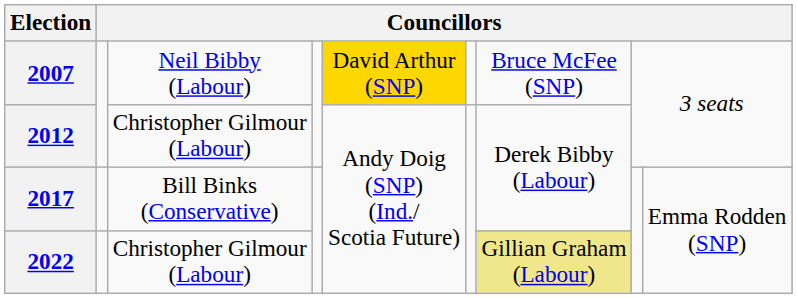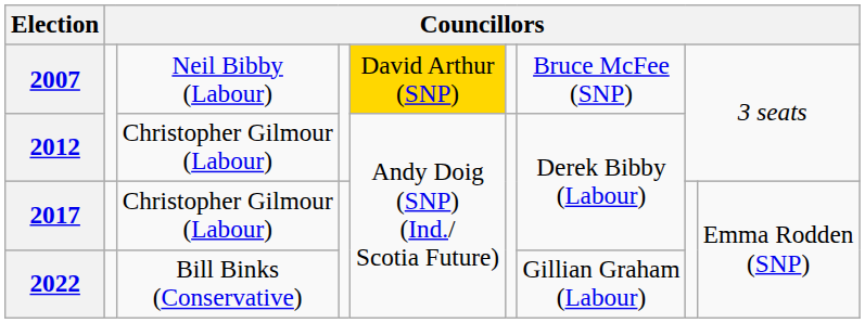 <table class="wikitable" style="text-align:center">
 <tr>
 <th>Election</th>
 <th colspan=8>Councillors</th>
 </tr>
 <tr>
 <th><a href='#'>2007</a></th>
 <td rowspan=2 style="color:inherit;background-color: "></td>
 <td rowspan=1><a href='#'>Neil Bibby</a><br>(<a href='#'>Labour</a>)</td>
 <td rowspan=2 style="color:inherit;background-color: "></td>
 <td rowspan=1 style="background: gold;">David Arthur<br>(<a href='#'>SNP</a>)</td>
 <td rowspan=1 style="color:inherit;background-color: "></td>
 <td rowspan=1><a href='#'>Bruce McFee</a><br>(<a href='#'>SNP</a>)</td>
 <td rowspan=2; colspan=2><em>3 seats</em></td>
 </tr>
 <tr>
 <th><a href='#'>2012</a></th>
 <td rowspan=1>Christopher Gilmour<br>(<a href='#'>Labour</a>)</td>
 <td rowspan=3>Andy Doig<br>(<a href='#'>SNP</a>)<br>(<a href='#'>Ind.</a>/<br>Scotia Future)</td>
 <td rowspan=3 style="color:inherit;background-color: "></td>
 <td rowspan=2>Derek Bibby<br>(<a href='#'>Labour</a>)</td>
 </tr>
 <tr>
 <th><a href='#'>2017</a></th>
 <td rowspan=1 style="color:inherit;background-color: "></td>
-<td rowspan=1>Bill Binks<br>(<a href='#'>Conservative</a>)</td>
+<td rowspan=1>Christopher Gilmour<br>(<a href='#'>Labour</a>)</td>
 <td rowspan=2 style="color:inherit;background-color: "></td>
 <td rowspan=2 style="color:inherit;background-color: "></td>
 <td rowspan=2>Emma Rodden<br>(<a href='#'>SNP</a>)</td>
 </tr>
 <tr>
 <th><a href='#'>2022</a></th>
 <td rowspan=1 style="color:inherit;background-color: "></td>
-<td rowspan=1>Christopher Gilmour<br>(<a href='#'>Labour</a>)</td>
-<td rowspan=1 style="background: khaki;">Gillian Graham<br>(<a href='#'>Labour</a>)</td>
+<td rowspan=1>Bill Binks<br>(<a href='#'>Conservative</a>)</td>
+<td rowspan=1>Gillian Graham<br>(<a href='#'>Labour</a>)</td>
 </tr>
 </table>
